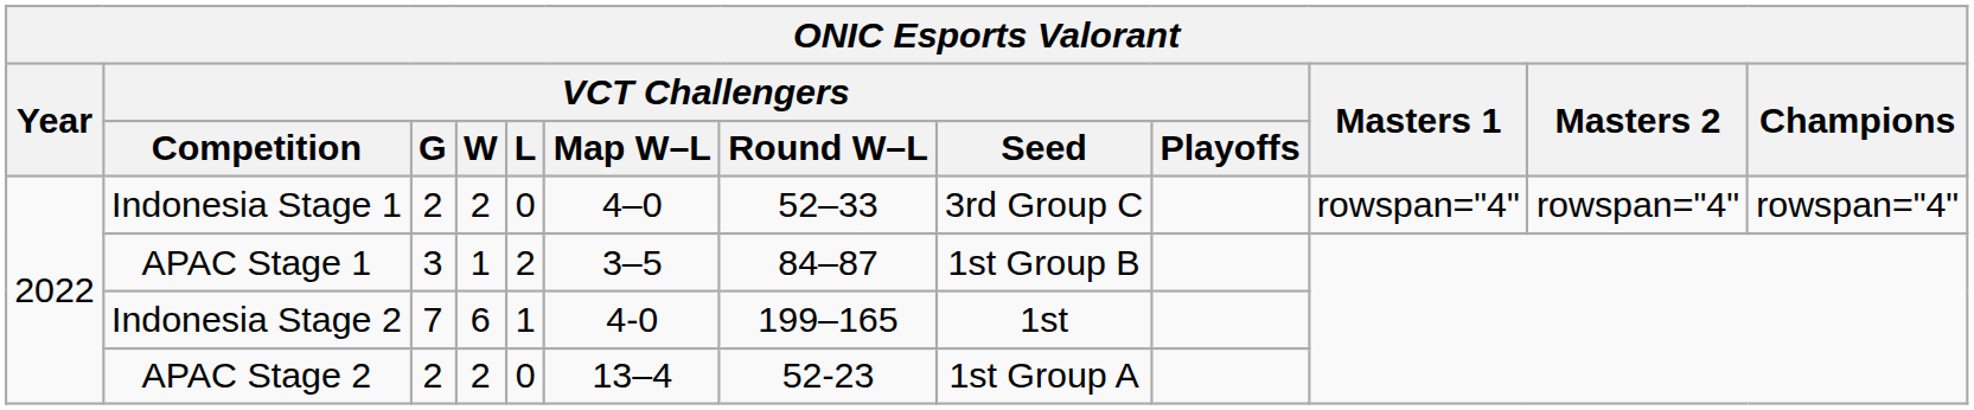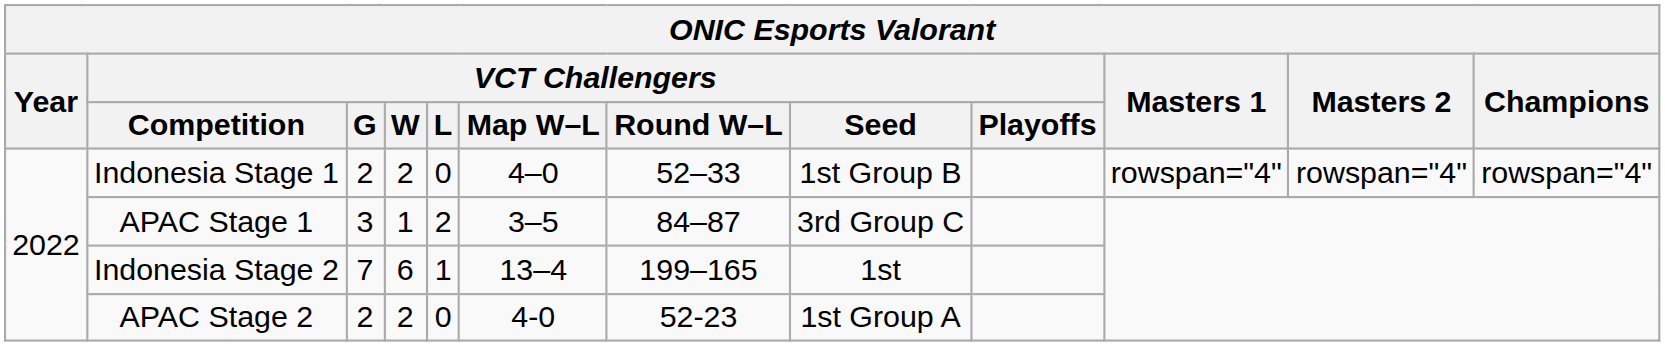 <table class="wikitable" style="font-size:90%; text-align:center;">
 <tr>
 <th colspan="13"> <em>ONIC Esports Valorant</em></th>
 </tr>
 <tr>
 <th rowspan="2">Year</th>
 <th colspan="8"><em>VCT Challengers</em></th>
 <th rowspan="2">Masters 1</th>
 <th rowspan="2">Masters 2</th>
 <th rowspan="2">Champions</th>
 </tr>
 <tr>
 <th>Competition</th>
 <th>G</th>
 <th>W</th>
 <th>L</th>
 <th>Map W–L</th>
 <th>Round W–L</th>
 <th>Seed</th>
 <th>Playoffs</th>
 </tr>
 <tr>
 <td rowspan="4">2022</td>
 <td>Indonesia Stage 1</td>
 <td>2</td>
 <td>2</td>
 <td>0</td>
 <td>4–0</td>
 <td>52–33</td>
-<td>3rd Group C</td>
+<td>1st Group B</td>
 <td></td>
 <td>rowspan="4" </td>
 <td>rowspan="4" </td>
 <td>rowspan="4" </td>
 </tr>
 <tr>
 <td>APAC Stage 1</td>
 <td>3</td>
 <td>1</td>
 <td>2</td>
 <td>3–5</td>
 <td>84–87</td>
-<td>1st Group B</td>
+<td>3rd Group C</td>
 <td></td>
 </tr>
 <tr>
 <td>Indonesia Stage 2</td>
 <td>7</td>
 <td>6</td>
 <td>1</td>
-<td>4-0</td>
+<td>13–4</td>
 <td>199–165</td>
 <td>1st</td>
 <td></td>
 </tr>
 <tr>
 <td>APAC Stage 2</td>
 <td>2</td>
 <td>2</td>
 <td>0</td>
-<td>13–4</td>
+<td>4-0</td>
 <td>52-23</td>
 <td>1st Group A</td>
 <td></td>
 </tr>
 </table>
